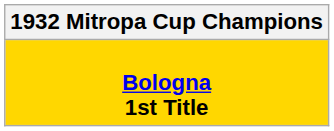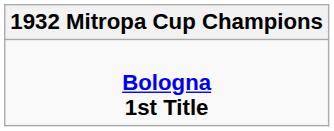 <table class=wikitable style="text-align:center; margin:auto">
 <tr>
 <th>1932 Mitropa Cup Champions</th>
 </tr>
 <tr>
-<td style="background: gold;"> <br> <strong><a href='#'>Bologna</a></strong> <br> <strong>1st Title</strong></td>
+<td> <br> <strong><a href='#'>Bologna</a></strong> <br> <strong>1st Title</strong></td>
 </tr>
 </table>
